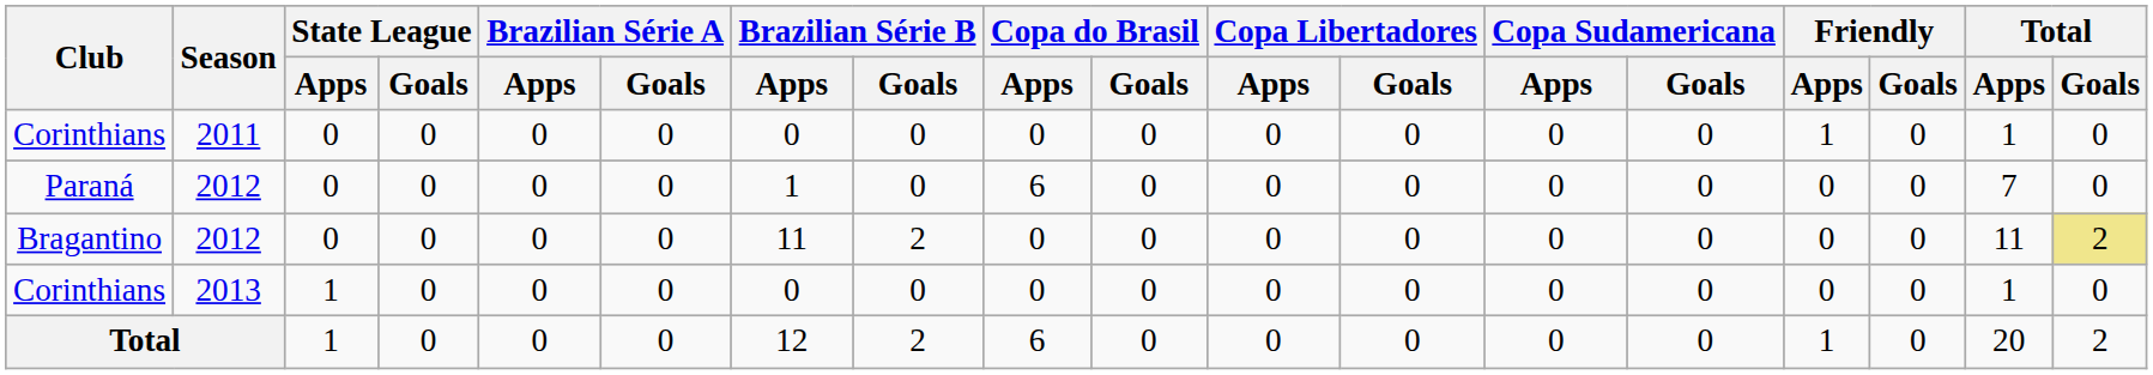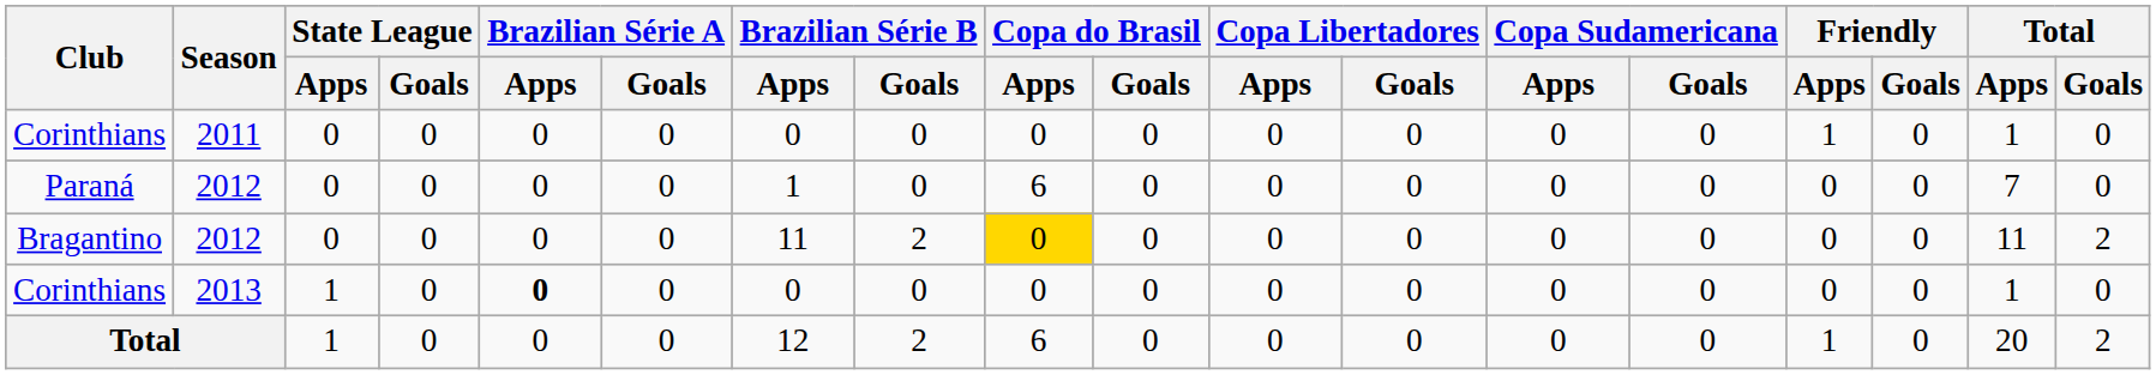 <table class="wikitable" style="text-align: center;">
 <tr>
 <th rowspan="2">Club</th>
 <th rowspan="2">Season</th>
 <th colspan="2">State League</th>
 <th colspan="2"><a href='#'>Brazilian Série A</a></th>
 <th colspan="2"><a href='#'>Brazilian Série B</a></th>
 <th colspan="2"><a href='#'>Copa do Brasil</a></th>
 <th colspan="2"><a href='#'>Copa Libertadores</a></th>
 <th colspan="2"><a href='#'>Copa Sudamericana</a></th>
 <th colspan="2">Friendly</th>
 <th colspan="2">Total</th>
 </tr>
 <tr>
 <th>Apps</th>
 <th>Goals</th>
 <th>Apps</th>
 <th>Goals</th>
 <th>Apps</th>
 <th>Goals</th>
 <th>Apps</th>
 <th>Goals</th>
 <th>Apps</th>
 <th>Goals</th>
 <th>Apps</th>
 <th>Goals</th>
 <th>Apps</th>
 <th>Goals</th>
 <th>Apps</th>
 <th>Goals</th>
 </tr>
 <tr>
 <td rowspan="1" valign="center"><a href='#'>Corinthians</a></td>
 <td><a href='#'>2011</a></td>
 <td>0</td>
 <td>0</td>
 <td>0</td>
 <td>0</td>
 <td>0</td>
 <td>0</td>
 <td>0</td>
 <td>0</td>
 <td>0</td>
 <td>0</td>
 <td>0</td>
 <td>0</td>
 <td>1</td>
 <td>0</td>
 <td>1</td>
 <td>0</td>
 </tr>
 <tr>
 <td rowspan="1" valign="center"><a href='#'>Paraná</a></td>
 <td><a href='#'>2012</a></td>
 <td>0</td>
 <td>0</td>
 <td>0</td>
 <td>0</td>
 <td>1</td>
 <td>0</td>
 <td>6</td>
 <td>0</td>
 <td>0</td>
 <td>0</td>
 <td>0</td>
 <td>0</td>
 <td>0</td>
 <td>0</td>
 <td>7</td>
 <td>0</td>
 </tr>
 <tr>
 <td rowspan="1" valign="center"><a href='#'>Bragantino</a></td>
 <td><a href='#'>2012</a></td>
 <td>0</td>
 <td>0</td>
 <td>0</td>
 <td>0</td>
 <td>11</td>
 <td>2</td>
-<td>0</td>
+<td style="background: gold;">0</td>
 <td>0</td>
 <td>0</td>
 <td>0</td>
 <td>0</td>
 <td>0</td>
 <td>0</td>
 <td>0</td>
 <td>11</td>
-<td style="background: khaki;">2</td>
+<td>2</td>
 </tr>
 <tr>
 <td rowspan="1" valign="center"><a href='#'>Corinthians</a></td>
 <td><a href='#'>2013</a></td>
 <td>1</td>
 <td>0</td>
-<td>0</td>
+<td><strong>0</strong></td>
 <td>0</td>
 <td>0</td>
 <td>0</td>
 <td>0</td>
 <td>0</td>
 <td>0</td>
 <td>0</td>
 <td>0</td>
 <td>0</td>
 <td>0</td>
 <td>0</td>
 <td>1</td>
 <td>0</td>
 </tr>
 <tr>
 <th colspan="2"><strong>Total</strong></th>
 <td>1</td>
 <td>0</td>
 <td>0</td>
 <td>0</td>
 <td>12</td>
 <td>2</td>
 <td>6</td>
 <td>0</td>
 <td>0</td>
 <td>0</td>
 <td>0</td>
 <td>0</td>
 <td>1</td>
 <td>0</td>
 <td>20</td>
 <td>2</td>
 </tr>
 </table>
